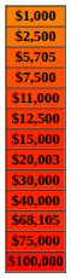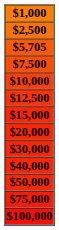 <table border=1 cellspacing=0 cellpadding =1 width=50px|->
 <tr>
 <td bgcolor="#FF8000" align=center><span><strong>$1,000</strong></span></td>
 </tr>
 <tr>
 <td bgcolor="#FF7300" align=center><span><strong>$2,500</strong></span></td>
 </tr>
 <tr>
 <td bgcolor="#FF5900" align=center><span><strong>$5,705</strong></span></td>
 </tr>
 <tr>
 <td bgcolor="#FF4D00" align=center><span><strong>$7,500</strong></span></td>
 </tr>
 <tr>
-<td bgcolor="#FF4000" align=center><span><strong>$11,000</strong></span></td>
+<td bgcolor="#FF4000" align=center><span><strong>$10,000</strong></span></td>
 </tr>
 <tr>
 <td bgcolor="#FF3300" align=center><span><strong>$12,500</strong></span></td>
 </tr>
 <tr>
 <td bgcolor="#FF2600" align=center><span><strong>$15,000</strong></span></td>
 </tr>
 <tr>
-<td bgcolor="#FF2600" align=center><span><strong>$20,003</strong></span></td>
+<td bgcolor="#FF2600" align=center><span><strong>$20,000</strong></span></td>
 </tr>
 <tr>
 <td bgcolor="#FF2600" align=center><span><strong>$30,000</strong></span></td>
 </tr>
 <tr>
 <td bgcolor="#FF2600" align=center><span><strong>$40,000</strong></span></td>
 </tr>
 <tr>
-<td bgcolor="#FF2600" align=center><span><strong>$68,105</strong></span></td>
+<td bgcolor="#FF2600" align=center><span><strong>$50,000</strong></span></td>
 </tr>
 <tr>
 <td bgcolor="#FF1A00" align=center><span><strong>$75,000</strong></span></td>
 </tr>
 <tr>
 <td bgcolor="#FF0D00" align=center><span><strong>$100,000</strong></span></td>
 </tr>
 </table>
